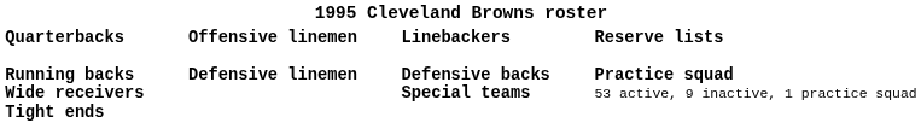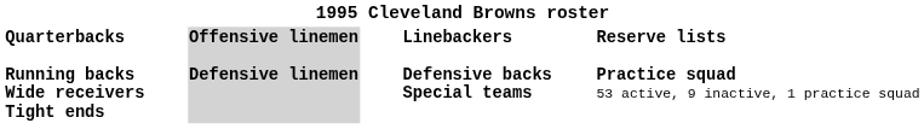 <table class="toccolours" style="text-align: left;">
 <tr>
 <th colspan="7" style="text-align:center;">1995 Cleveland Browns roster</th>
 </tr>
 <tr>
 <td style="font-size:95%; vertical-align:top;"><strong>Quarterbacks</strong><br> <br><strong>Running backs</strong>     <br><strong>Wide receivers</strong>       <br><strong>Tight ends</strong>   </td>
 <td style="width: 25px;"></td>
-<td style="font-size:95%; vertical-align:top;"><strong>Offensive linemen</strong><br>        <br><strong>Defensive linemen</strong>         </td>
+<td style="background: lightgrey; font-size:95%; vertical-align:top;"><strong>Offensive linemen</strong><br>        <br><strong>Defensive linemen</strong>         </td>
 <td style="width: 25px;"></td>
 <td style="font-size:95%; vertical-align:top;"><strong>Linebackers</strong><br>    <br><strong>Defensive backs</strong>           <br><strong>Special teams</strong>  </td>
 <td style="width: 25px;"></td>
 <td style="font-size:95%; vertical-align:top;"><strong>Reserve lists</strong><br>        <br><strong>Practice squad</strong> <br><small>53 active, 9 inactive, 1 practice squad</small></td>
 </tr>
 </table>
